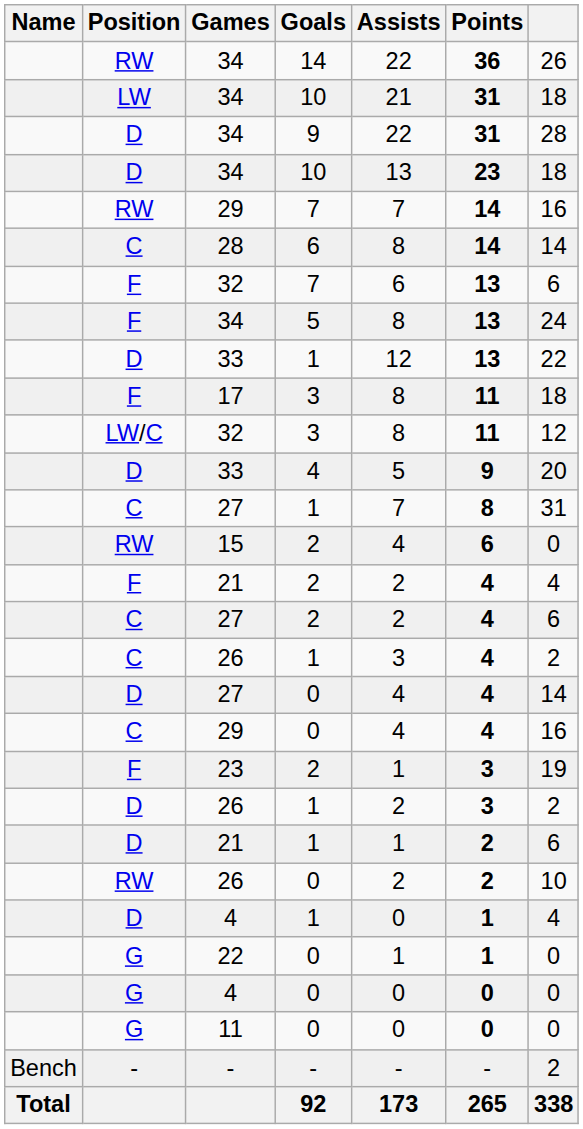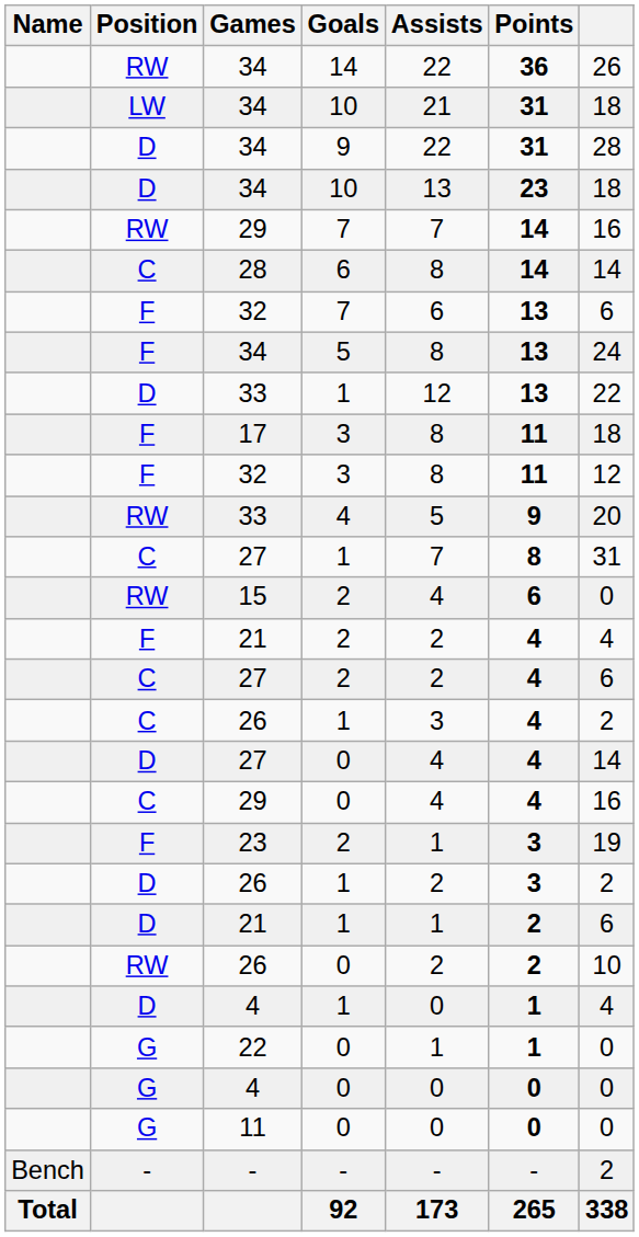 <table class="wikitable sortable" width ="50%">
 <tr align="center">
 <th>Name</th>
 <th>Position</th>
 <th>Games</th>
 <th>Goals</th>
 <th>Assists</th>
 <th>Points</th>
 <th><a href='#'></a></th>
 </tr>
 <tr align="center" bgcolor="">
 <td></td>
 <td><a href='#'>RW</a></td>
 <td>34</td>
 <td>14</td>
 <td>22</td>
 <td><strong>36</strong></td>
 <td>26</td>
 </tr>
 <tr align="center" bgcolor="f0f0f0">
 <td></td>
 <td><a href='#'>LW</a></td>
 <td>34</td>
 <td>10</td>
 <td>21</td>
 <td><strong>31</strong></td>
 <td>18</td>
 </tr>
 <tr align="center" bgcolor="">
 <td></td>
 <td><a href='#'>D</a></td>
 <td>34</td>
 <td>9</td>
 <td>22</td>
 <td><strong>31</strong></td>
 <td>28</td>
 </tr>
 <tr align="center" bgcolor="f0f0f0">
 <td></td>
 <td><a href='#'>D</a></td>
 <td>34</td>
 <td>10</td>
 <td>13</td>
 <td><strong>23</strong></td>
 <td>18</td>
 </tr>
 <tr align="center" bgcolor="">
 <td></td>
 <td><a href='#'>RW</a></td>
 <td>29</td>
 <td>7</td>
 <td>7</td>
 <td><strong>14</strong></td>
 <td>16</td>
 </tr>
 <tr align="center" bgcolor="f0f0f0">
 <td></td>
 <td><a href='#'>C</a></td>
 <td>28</td>
 <td>6</td>
 <td>8</td>
 <td><strong>14</strong></td>
 <td>14</td>
 </tr>
 <tr align="center" bgcolor="">
 <td></td>
 <td><a href='#'>F</a></td>
 <td>32</td>
 <td>7</td>
 <td>6</td>
 <td><strong>13</strong></td>
 <td>6</td>
 </tr>
 <tr align="center" bgcolor="f0f0f0">
 <td></td>
 <td><a href='#'>F</a></td>
 <td>34</td>
 <td>5</td>
 <td>8</td>
 <td><strong>13</strong></td>
 <td>24</td>
 </tr>
 <tr align="center" bgcolor="">
 <td></td>
 <td><a href='#'>D</a></td>
 <td>33</td>
 <td>1</td>
 <td>12</td>
 <td><strong>13</strong></td>
 <td>22</td>
 </tr>
 <tr align="center" bgcolor="f0f0f0">
 <td></td>
 <td><a href='#'>F</a></td>
 <td>17</td>
 <td>3</td>
 <td>8</td>
 <td><strong>11</strong></td>
 <td>18</td>
 </tr>
 <tr align="center" bgcolor="">
 <td></td>
-<td><a href='#'>LW</a>/<a href='#'>C</a></td>
+<td><a href='#'>F</a></td>
 <td>32</td>
 <td>3</td>
 <td>8</td>
 <td><strong>11</strong></td>
 <td>12</td>
 </tr>
 <tr align="center" bgcolor="f0f0f0">
 <td></td>
-<td><a href='#'>D</a></td>
+<td><a href='#'>RW</a></td>
 <td>33</td>
 <td>4</td>
 <td>5</td>
 <td><strong>9</strong></td>
 <td>20</td>
 </tr>
 <tr align="center" bgcolor="">
 <td></td>
 <td><a href='#'>C</a></td>
 <td>27</td>
 <td>1</td>
 <td>7</td>
 <td><strong>8</strong></td>
 <td>31</td>
 </tr>
 <tr align="center" bgcolor="f0f0f0">
 <td></td>
 <td><a href='#'>RW</a></td>
 <td>15</td>
 <td>2</td>
 <td>4</td>
 <td><strong>6</strong></td>
 <td>0</td>
 </tr>
 <tr align="center" bgcolor="">
 <td></td>
 <td><a href='#'>F</a></td>
 <td>21</td>
 <td>2</td>
 <td>2</td>
 <td><strong>4</strong></td>
 <td>4</td>
 </tr>
 <tr align="center" bgcolor="f0f0f0">
 <td></td>
 <td><a href='#'>C</a></td>
 <td>27</td>
 <td>2</td>
 <td>2</td>
 <td><strong>4</strong></td>
 <td>6</td>
 </tr>
 <tr align="center" bgcolor="">
 <td></td>
 <td><a href='#'>C</a></td>
 <td>26</td>
 <td>1</td>
 <td>3</td>
 <td><strong>4</strong></td>
 <td>2</td>
 </tr>
 <tr align="center" bgcolor="f0f0f0">
 <td></td>
 <td><a href='#'>D</a></td>
 <td>27</td>
 <td>0</td>
 <td>4</td>
 <td><strong>4</strong></td>
 <td>14</td>
 </tr>
 <tr align="center" bgcolor="">
 <td></td>
 <td><a href='#'>C</a></td>
 <td>29</td>
 <td>0</td>
 <td>4</td>
 <td><strong>4</strong></td>
 <td>16</td>
 </tr>
 <tr align="center" bgcolor="f0f0f0">
 <td></td>
 <td><a href='#'>F</a></td>
 <td>23</td>
 <td>2</td>
 <td>1</td>
 <td><strong>3</strong></td>
 <td>19</td>
 </tr>
 <tr align="center" bgcolor="">
 <td></td>
 <td><a href='#'>D</a></td>
 <td>26</td>
 <td>1</td>
 <td>2</td>
 <td><strong>3</strong></td>
 <td>2</td>
 </tr>
 <tr align="center" bgcolor="f0f0f0">
 <td></td>
 <td><a href='#'>D</a></td>
 <td>21</td>
 <td>1</td>
 <td>1</td>
 <td><strong>2</strong></td>
 <td>6</td>
 </tr>
 <tr align="center" bgcolor="">
 <td></td>
 <td><a href='#'>RW</a></td>
 <td>26</td>
 <td>0</td>
 <td>2</td>
 <td><strong>2</strong></td>
 <td>10</td>
 </tr>
 <tr align="center" bgcolor="f0f0f0">
 <td></td>
 <td><a href='#'>D</a></td>
 <td>4</td>
 <td>1</td>
 <td>0</td>
 <td><strong>1</strong></td>
 <td>4</td>
 </tr>
 <tr align="center" bgcolor="">
 <td></td>
 <td><a href='#'>G</a></td>
 <td>22</td>
 <td>0</td>
 <td>1</td>
 <td><strong>1</strong></td>
 <td>0</td>
 </tr>
 <tr align="center" bgcolor="f0f0f0">
 <td></td>
 <td><a href='#'>G</a></td>
 <td>4</td>
 <td>0</td>
 <td>0</td>
 <td><strong>0</strong></td>
 <td>0</td>
 </tr>
 <tr align="center" bgcolor="">
 <td></td>
 <td><a href='#'>G</a></td>
 <td>11</td>
 <td>0</td>
 <td>0</td>
 <td><strong>0</strong></td>
 <td>0</td>
 </tr>
 <tr align="center" bgcolor="f0f0f0">
 <td>Bench</td>
 <td>-</td>
 <td>-</td>
 <td>-</td>
 <td>-</td>
 <td>-</td>
 <td>2</td>
 </tr>
 <tr>
 <th>Total</th>
 <th></th>
 <th></th>
 <th>92</th>
 <th>173</th>
 <th>265</th>
 <th>338</th>
 </tr>
 </table>
